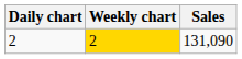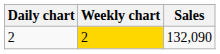 <table class="wikitable">
 <tr>
 <th>Daily chart</th>
 <th>Weekly chart</th>
 <th>Sales</th>
 </tr>
 <tr>
 <td>2</td>
 <td style="background: gold;">2</td>
-<td>131,090</td>
+<td>132,090</td>
 </tr>
 </table>
